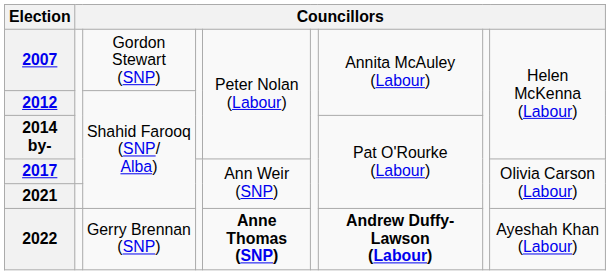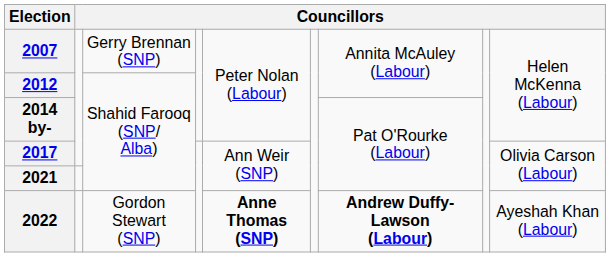 <table class="wikitable" style="text-align:center">
 <tr>
 <th>Election</th>
 <th colspan=8>Councillors</th>
 </tr>
 <tr>
 <th><a href='#'>2007</a></th>
 <td rowspan=4; style="background-color: "></td>
-<td rowspan=1>Gordon Stewart<br>(<a href='#'>SNP</a>)</td>
+<td>Gerry Brennan<br>(<a href='#'>SNP</a>)</td>
 <td rowspan=3; style="background-color: "></td>
 <td rowspan=3>Peter Nolan<br>(<a href='#'>Labour</a>)</td>
 <td rowspan=6; style="background-color: "></td>
 <td rowspan=2>Annita McAuley<br>(<a href='#'>Labour</a>)</td>
 <td rowspan=6; style="background-color: "></td>
 <td rowspan=3>Helen McKenna<br>(<a href='#'>Labour</a>)</td>
 </tr>
 <tr>
 <th><a href='#'>2012</a></th>
 <td rowspan=4>Shahid Farooq<br>(<a href='#'>SNP</a>/<br><a href='#'>Alba</a>)</td>
 </tr>
 <tr>
 <th>2014 by-</th>
 <td rowspan=3>Pat O'Rourke<br>(<a href='#'>Labour</a>)</td>
 </tr>
 <tr>
 <th><a href='#'>2017</a></th>
 <td rowspan=3; style="background-color: "></td>
 <td rowspan=2>Ann Weir<br>(<a href='#'>SNP</a>)</td>
 <td rowspan=2>Olivia Carson<br>(<a href='#'>Labour</a>)</td>
 </tr>
 <tr>
 <th>2021</th>
 <td rowspan=1; style="background-color: "></td>
 </tr>
 <tr>
 <th>2022</th>
 <td style="background-color: "></td>
-<td>Gerry Brennan<br>(<a href='#'>SNP</a>)</td>
+<td rowspan=1>Gordon Stewart<br>(<a href='#'>SNP</a>)</td>
 <td><strong>Anne Thomas<br>(<a href='#'>SNP</a>)</strong></td>
 <td><strong>Andrew Duffy-Lawson<br>(<a href='#'>Labour</a>)</strong></td>
 <td>Ayeshah Khan<br>(<a href='#'>Labour</a>)</td>
 </tr>
 </table>
